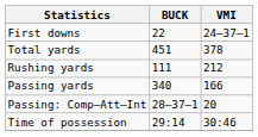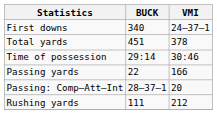 <table class="wikitable" style="float: left;">
 <tr>
 <th>Statistics</th>
 <th>BUCK</th>
 <th>VMI</th>
 </tr>
 <tr>
 <td>First downs</td>
-<td>22</td>
+<td>340</td>
 <td>24–37–1</td>
 </tr>
 <tr>
 <td>Total yards</td>
 <td>451</td>
 <td>378</td>
 </tr>
 <tr>
-<td>Rushing yards</td>
-<td>111</td>
-<td>212</td>
+<td>Time of possession</td>
+<td>29:14</td>
+<td>30:46</td>
 </tr>
 <tr>
 <td>Passing yards</td>
-<td>340</td>
+<td>22</td>
 <td>166</td>
 </tr>
 <tr>
 <td>Passing: Comp–Att–Int</td>
 <td>28–37–1</td>
 <td>20</td>
 </tr>
 <tr>
-<td>Time of possession</td>
-<td>29:14</td>
-<td>30:46</td>
+<td>Rushing yards</td>
+<td>111</td>
+<td>212</td>
 </tr>
 <tr>
 </tr>
 </table>
